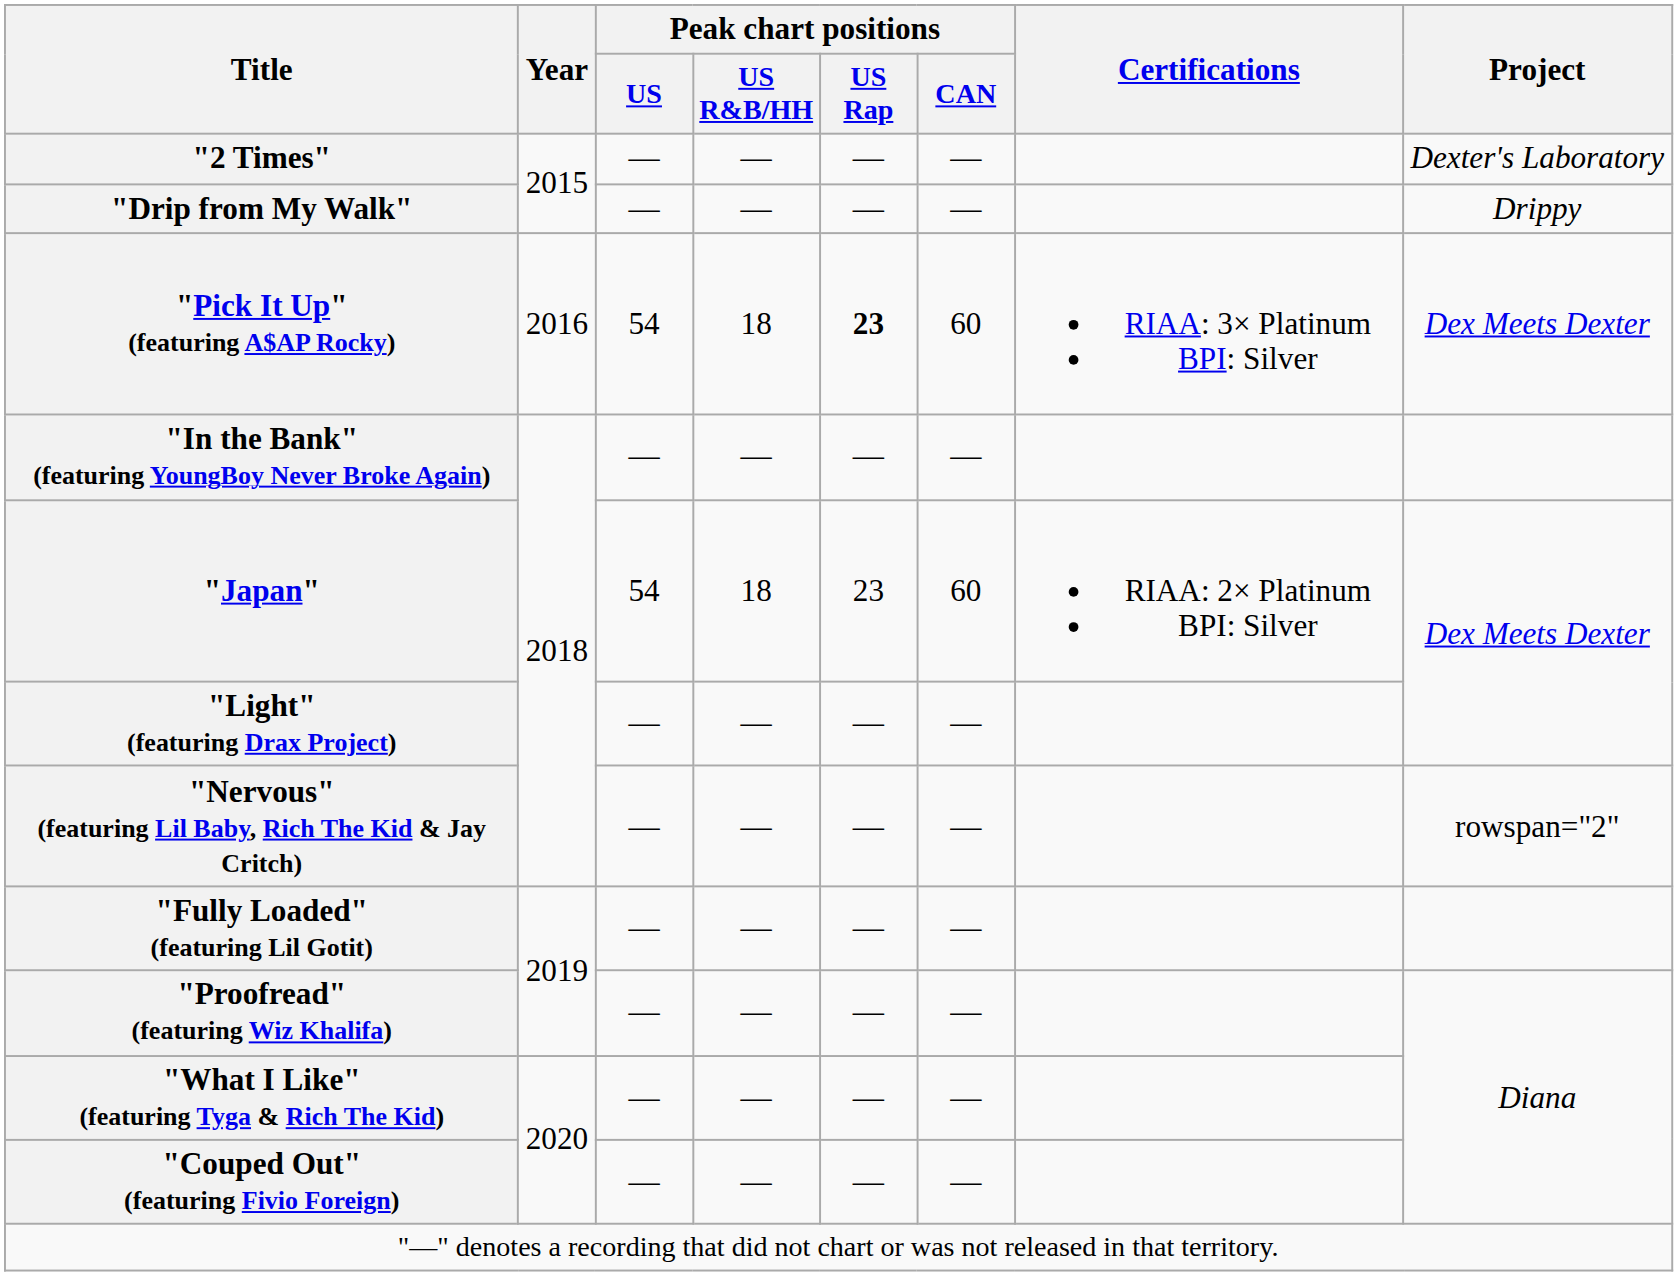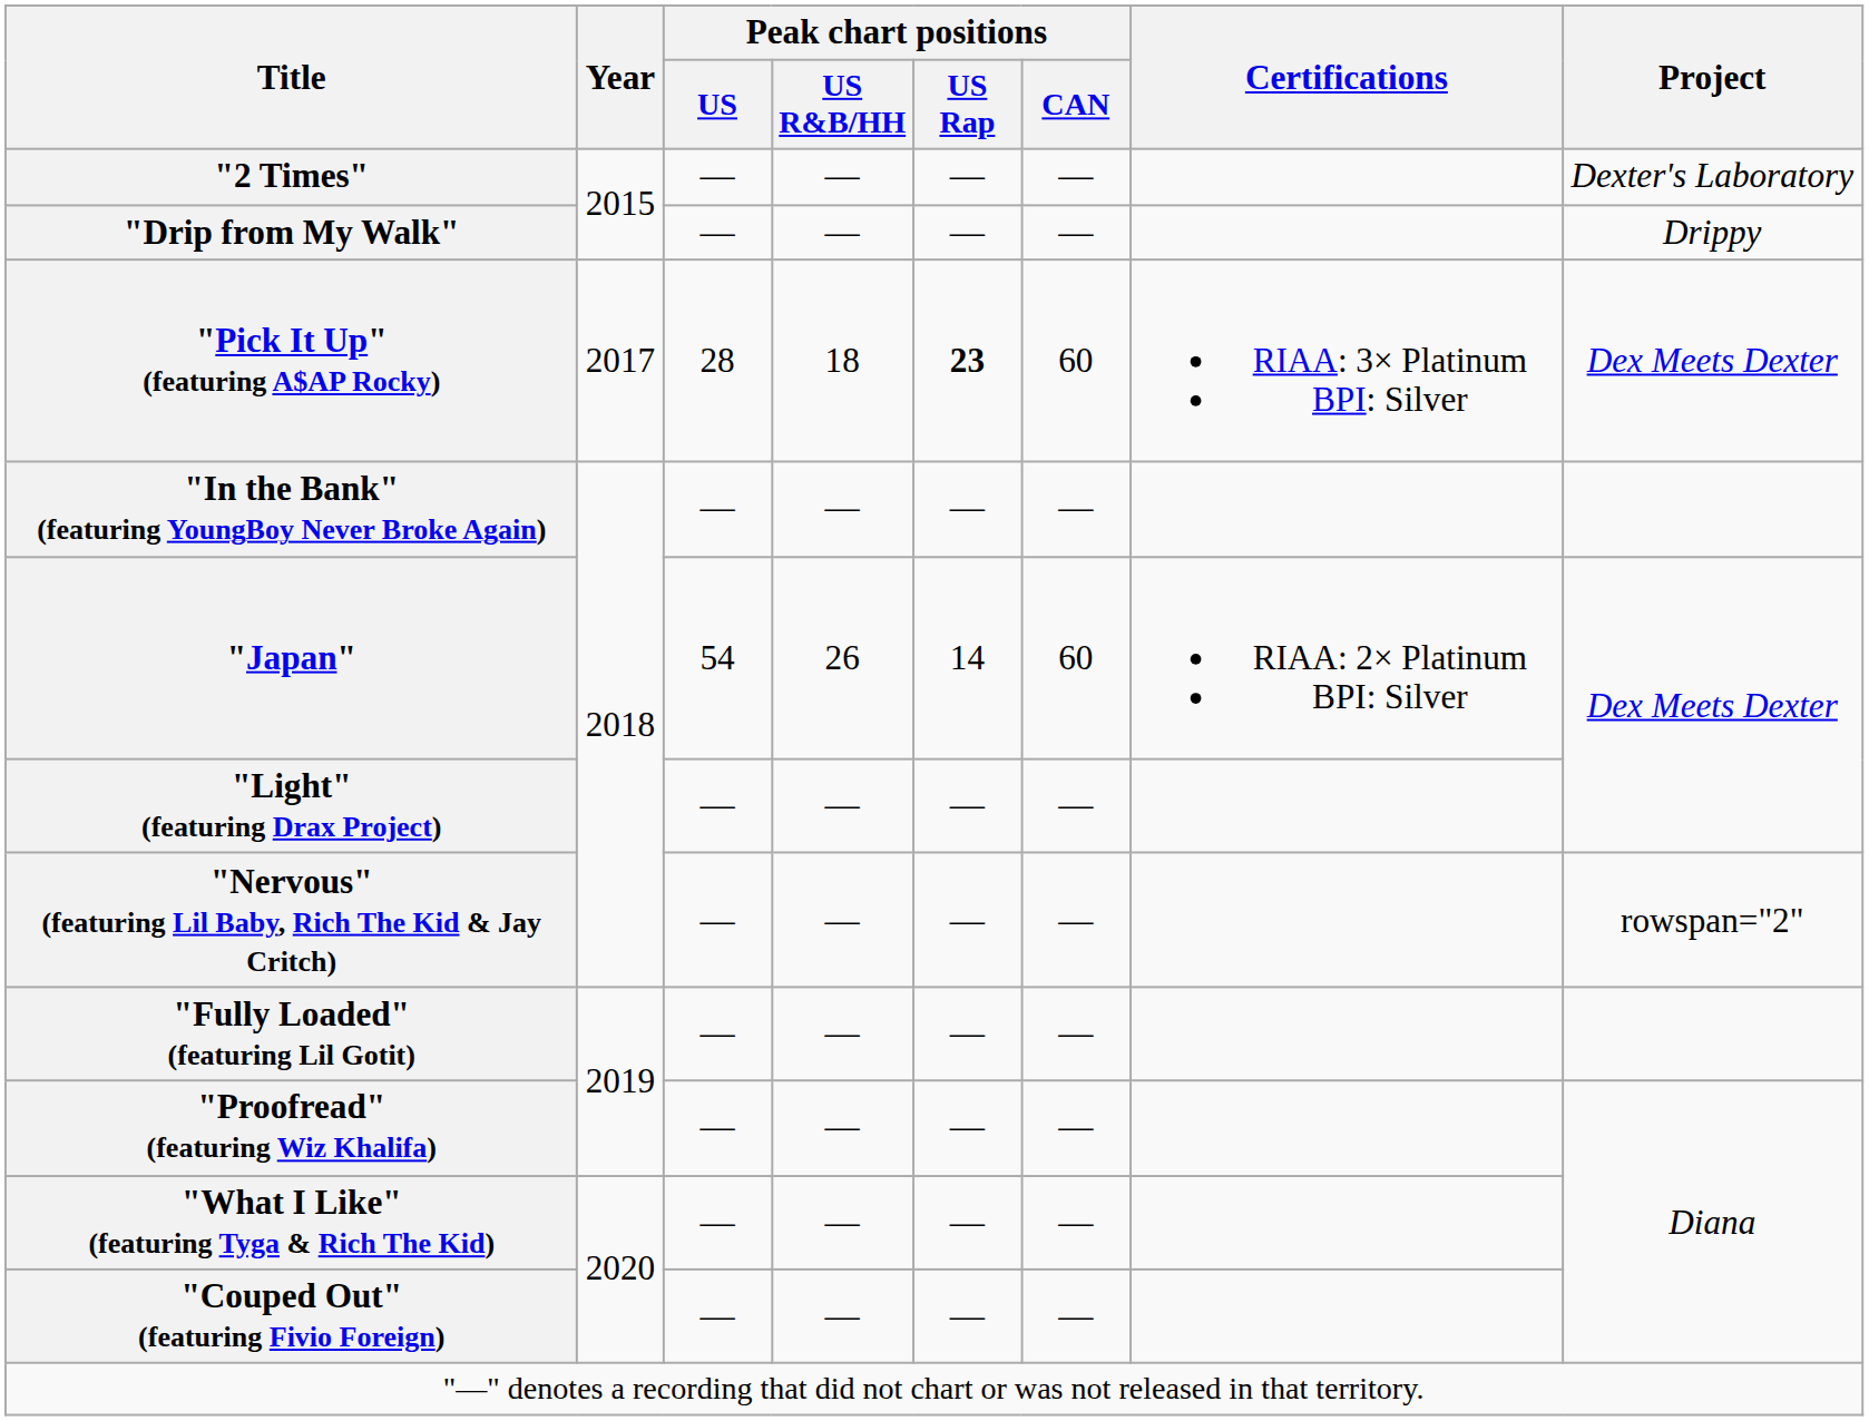 <table class="wikitable plainrowheaders" style="text-align:center">
 <tr>
 <th scope="col" rowspan="2" style="width:16em;">Title</th>
 <th scope="col" rowspan="2">Year</th>
 <th colspan="4" scope="col">Peak chart positions</th>
 <th scope="col" rowspan="2" style="width:12em;"><a href='#'>Certifications</a></th>
 <th scope="col" rowspan="2">Project</th>
 </tr>
 <tr>
 <th scope="col" style="width:3em;font-size:90%;"><a href='#'>US</a><br></th>
 <th scope="col" style="width:3em;font-size:90%;"><a href='#'>US<br>R&B/HH</a><br></th>
 <th scope="col" style="width:3em;font-size:90%;"><a href='#'>US<br>Rap</a><br></th>
 <th scope="col" style="width:3em;font-size:90%;"><a href='#'>CAN</a><br></th>
 </tr>
 <tr>
 <th scope="row">"2 Times"</th>
 <td rowspan="2">2015</td>
 <td>—</td>
 <td>—</td>
 <td>—</td>
 <td>—</td>
 <td></td>
 <td><em>Dexter's Laboratory</em></td>
 </tr>
 <tr>
 <th scope="row">"Drip from My Walk"</th>
 <td>—</td>
 <td>—</td>
 <td>—</td>
 <td>—</td>
 <td></td>
 <td><em>Drippy</em></td>
 </tr>
 <tr>
 <th scope="row">"<a href='#'>Pick It Up</a>"<br><small>(featuring <a href='#'>A$AP Rocky</a>)</small></th>
-<td>2016</td>
-<td>54</td>
+<td>2017</td>
+<td>28</td>
 <td>18</td>
 <td><strong>23</strong></td>
 <td>60</td>
 <td><br><ul><li><a href='#'>RIAA</a>: 3× Platinum</li><li><a href='#'>BPI</a>: Silver</li></ul></td>
 <td><em><a href='#'>Dex Meets Dexter</a></em></td>
 </tr>
 <tr>
 <th scope="row">"In the Bank"<br><small>(featuring <a href='#'>YoungBoy Never Broke Again</a>)</small></th>
 <td rowspan="4">2018</td>
 <td>—</td>
 <td>—</td>
 <td>—</td>
 <td>—</td>
 <td></td>
 <td></td>
 </tr>
 <tr>
 <th scope="row">"<a href='#'>Japan</a>"</th>
 <td>54</td>
-<td>18</td>
-<td>23</td>
+<td>26</td>
+<td>14</td>
 <td>60</td>
 <td><br><ul><li>RIAA: 2× Platinum</li><li>BPI: Silver</li></ul></td>
 <td rowspan="2"><em><a href='#'>Dex Meets Dexter</a></em></td>
 </tr>
 <tr>
 <th scope="row">"Light"<br><small>(featuring <a href='#'>Drax Project</a>)</small></th>
 <td>—</td>
 <td>—</td>
 <td>—</td>
 <td>—</td>
 <td></td>
 </tr>
 <tr>
 <th scope="row">"Nervous"<br><small>(featuring <a href='#'>Lil Baby</a>, <a href='#'>Rich The Kid</a> & Jay Critch)</small></th>
 <td>—</td>
 <td>—</td>
 <td>—</td>
 <td>—</td>
 <td></td>
 <td>rowspan="2" </td>
 </tr>
 <tr>
 <th scope="row">"Fully Loaded"<br><small>(featuring Lil Gotit)</small></th>
 <td rowspan="2">2019</td>
 <td>—</td>
 <td>—</td>
 <td>—</td>
 <td>—</td>
 <td></td>
 </tr>
 <tr>
 <th scope="row">"Proofread"<br><small>(featuring <a href='#'>Wiz Khalifa</a>)</small></th>
 <td>—</td>
 <td>—</td>
 <td>—</td>
 <td>—</td>
 <td></td>
 <td rowspan="3"><em>Diana</em></td>
 </tr>
 <tr>
 <th scope="row">"What I Like"<br><small>(featuring <a href='#'>Tyga</a> & <a href='#'>Rich The Kid</a>)</small></th>
 <td rowspan="2">2020</td>
 <td>—</td>
 <td>—</td>
 <td>—</td>
 <td>—</td>
 <td></td>
 </tr>
 <tr>
 <th scope="row">"Couped Out"<br><small>(featuring <a href='#'>Fivio Foreign</a>)</small></th>
 <td>—</td>
 <td>—</td>
 <td>—</td>
 <td>—</td>
 <td></td>
 </tr>
 <tr>
 <td colspan="8" style="font-size:90%">"—" denotes a recording that did not chart or was not released in that territory.</td>
 </tr>
 </table>
